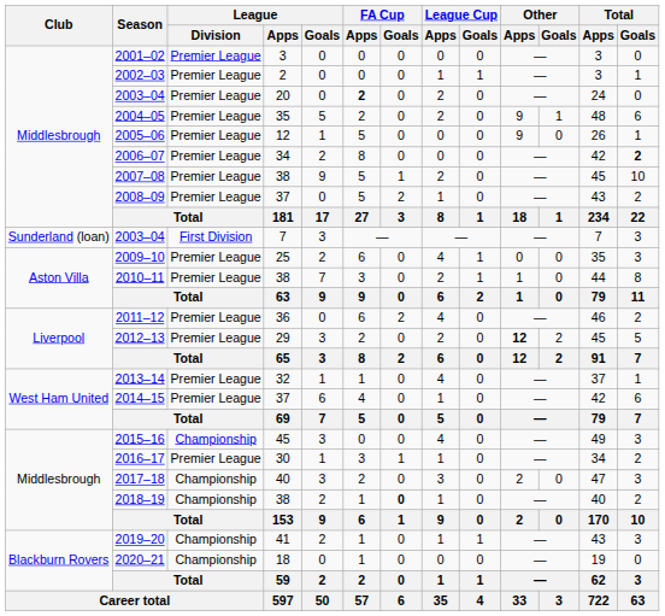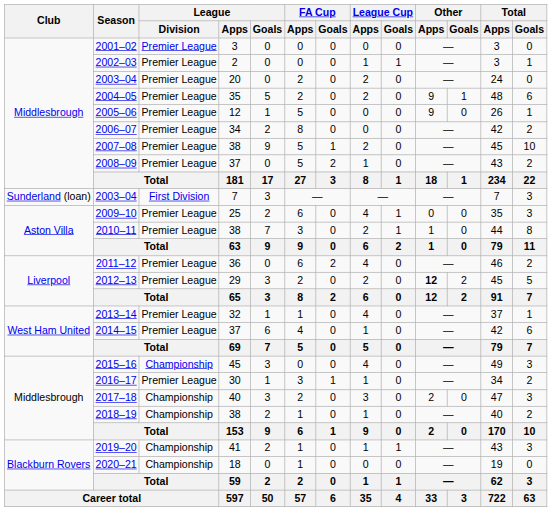 <table class=wikitable style=text-align:center>
 <tr>
 <th rowspan=2>Club</th>
 <th rowspan=2>Season</th>
 <th colspan=3>League</th>
 <th colspan=2><a href='#'>FA Cup</a></th>
 <th colspan=2><a href='#'>League Cup</a></th>
 <th colspan=2>Other</th>
 <th colspan=2>Total</th>
 </tr>
 <tr>
 <th>Division</th>
 <th>Apps</th>
 <th>Goals</th>
 <th>Apps</th>
 <th>Goals</th>
 <th>Apps</th>
 <th>Goals</th>
 <th>Apps</th>
 <th>Goals</th>
 <th>Apps</th>
 <th>Goals</th>
 </tr>
 <tr>
 <td rowspan=9><a href='#'>Middlesbrough</a></td>
 <td><a href='#'>2001–02</a></td>
 <td><a href='#'>Premier League</a></td>
 <td>3</td>
 <td>0</td>
 <td>0</td>
 <td>0</td>
 <td>0</td>
 <td>0</td>
 <td colspan=2>—</td>
 <td>3</td>
 <td>0</td>
 </tr>
 <tr>
 <td><a href='#'>2002–03</a></td>
 <td>Premier League</td>
 <td>2</td>
 <td>0</td>
 <td>0</td>
 <td>0</td>
 <td>1</td>
 <td>1</td>
 <td colspan=2>—</td>
 <td>3</td>
 <td>1</td>
 </tr>
 <tr>
 <td><a href='#'>2003–04</a></td>
 <td>Premier League</td>
 <td>20</td>
 <td>0</td>
-<td><strong>2</strong></td>
+<td>2</td>
 <td>0</td>
 <td>2</td>
 <td>0</td>
 <td colspan=2>—</td>
 <td>24</td>
 <td>0</td>
 </tr>
 <tr>
 <td><a href='#'>2004–05</a></td>
 <td>Premier League</td>
 <td>35</td>
 <td>5</td>
 <td>2</td>
 <td>0</td>
 <td>2</td>
 <td>0</td>
 <td>9</td>
 <td>1</td>
 <td>48</td>
 <td>6</td>
 </tr>
 <tr>
 <td><a href='#'>2005–06</a></td>
 <td>Premier League</td>
 <td>12</td>
 <td>1</td>
 <td>5</td>
 <td>0</td>
 <td>0</td>
 <td>0</td>
 <td>9</td>
 <td>0</td>
 <td>26</td>
 <td>1</td>
 </tr>
 <tr>
 <td><a href='#'>2006–07</a></td>
 <td>Premier League</td>
 <td>34</td>
 <td>2</td>
 <td>8</td>
 <td>0</td>
 <td>0</td>
 <td>0</td>
 <td colspan=2>—</td>
 <td>42</td>
-<td><strong>2</strong></td>
+<td>2</td>
 </tr>
 <tr>
 <td><a href='#'>2007–08</a></td>
 <td>Premier League</td>
 <td>38</td>
 <td>9</td>
 <td>5</td>
 <td>1</td>
 <td>2</td>
 <td>0</td>
 <td colspan=2>—</td>
 <td>45</td>
 <td>10</td>
 </tr>
 <tr>
 <td><a href='#'>2008–09</a></td>
 <td>Premier League</td>
 <td>37</td>
 <td>0</td>
 <td>5</td>
 <td>2</td>
 <td>1</td>
 <td>0</td>
 <td colspan=2>—</td>
 <td>43</td>
 <td>2</td>
 </tr>
 <tr>
 <th colspan=2>Total</th>
 <th>181</th>
 <th>17</th>
 <th>27</th>
 <th>3</th>
 <th>8</th>
 <th>1</th>
 <th>18</th>
 <th>1</th>
 <th>234</th>
 <th>22</th>
 </tr>
 <tr>
 <td><a href='#'>Sunderland</a> (loan)</td>
 <td><a href='#'>2003–04</a></td>
 <td><a href='#'>First Division</a></td>
 <td>7</td>
 <td>3</td>
 <td colspan=2>—</td>
 <td colspan=2>—</td>
 <td colspan=2>—</td>
 <td>7</td>
 <td>3</td>
 </tr>
 <tr>
 <td rowspan=3><a href='#'>Aston Villa</a></td>
 <td><a href='#'>2009–10</a></td>
 <td>Premier League</td>
 <td>25</td>
 <td>2</td>
 <td>6</td>
 <td>0</td>
 <td>4</td>
 <td>1</td>
 <td>0</td>
 <td>0</td>
 <td>35</td>
 <td>3</td>
 </tr>
 <tr>
 <td><a href='#'>2010–11</a></td>
 <td>Premier League</td>
 <td>38</td>
 <td>7</td>
 <td>3</td>
 <td>0</td>
 <td>2</td>
 <td>1</td>
 <td>1</td>
 <td>0</td>
 <td>44</td>
 <td>8</td>
 </tr>
 <tr>
 <th colspan=2>Total</th>
 <th>63</th>
 <th>9</th>
 <th>9</th>
 <th>0</th>
 <th>6</th>
 <th>2</th>
 <th>1</th>
 <th>0</th>
 <th>79</th>
 <th>11</th>
 </tr>
 <tr>
 <td rowspan=3><a href='#'>Liverpool</a></td>
 <td><a href='#'>2011–12</a></td>
 <td>Premier League</td>
 <td>36</td>
 <td>0</td>
 <td>6</td>
 <td>2</td>
 <td>4</td>
 <td>0</td>
 <td colspan=2>—</td>
 <td>46</td>
 <td>2</td>
 </tr>
 <tr>
 <td><a href='#'>2012–13</a></td>
 <td>Premier League</td>
 <td>29</td>
 <td>3</td>
 <td>2</td>
 <td>0</td>
 <td>2</td>
 <td>0</td>
 <td><strong>12</strong></td>
 <td>2</td>
 <td>45</td>
 <td>5</td>
 </tr>
 <tr>
 <th colspan=2>Total</th>
 <th>65</th>
 <th>3</th>
 <th>8</th>
 <th>2</th>
 <th>6</th>
 <th>0</th>
 <th>12</th>
 <th>2</th>
 <th>91</th>
 <th>7</th>
 </tr>
 <tr>
 <td rowspan=3><a href='#'>West Ham United</a></td>
 <td><a href='#'>2013–14</a></td>
 <td>Premier League</td>
 <td>32</td>
 <td>1</td>
 <td>1</td>
 <td>0</td>
 <td>4</td>
 <td>0</td>
 <td colspan=2>—</td>
 <td>37</td>
 <td>1</td>
 </tr>
 <tr>
 <td><a href='#'>2014–15</a></td>
 <td>Premier League</td>
 <td>37</td>
 <td>6</td>
 <td>4</td>
 <td>0</td>
 <td>1</td>
 <td>0</td>
 <td colspan=2>—</td>
 <td>42</td>
 <td>6</td>
 </tr>
 <tr>
 <th colspan=2>Total</th>
 <th>69</th>
 <th>7</th>
 <th>5</th>
 <th>0</th>
 <th>5</th>
 <th>0</th>
 <th colspan=2>—</th>
 <th>79</th>
 <th>7</th>
 </tr>
 <tr>
 <td rowspan=5>Middlesbrough</td>
 <td><a href='#'>2015–16</a></td>
 <td><a href='#'>Championship</a></td>
 <td>45</td>
 <td>3</td>
 <td>0</td>
 <td>0</td>
 <td>4</td>
 <td>0</td>
 <td colspan=2>—</td>
 <td>49</td>
 <td>3</td>
 </tr>
 <tr>
 <td><a href='#'>2016–17</a></td>
 <td>Premier League</td>
 <td>30</td>
 <td>1</td>
 <td>3</td>
 <td>1</td>
 <td>1</td>
 <td>0</td>
 <td colspan=2>—</td>
 <td>34</td>
 <td>2</td>
 </tr>
 <tr>
 <td><a href='#'>2017–18</a></td>
 <td>Championship</td>
 <td>40</td>
 <td>3</td>
 <td>2</td>
 <td>0</td>
 <td>3</td>
 <td>0</td>
 <td>2</td>
 <td>0</td>
 <td>47</td>
 <td>3</td>
 </tr>
 <tr>
 <td><a href='#'>2018–19</a></td>
 <td>Championship</td>
 <td>38</td>
 <td>2</td>
 <td>1</td>
-<td><strong>0</strong></td>
+<td>0</td>
 <td>1</td>
 <td>0</td>
 <td colspan=2>—</td>
 <td>40</td>
 <td>2</td>
 </tr>
 <tr>
 <th colspan=2>Total</th>
 <th>153</th>
 <th>9</th>
 <th>6</th>
 <th>1</th>
 <th>9</th>
 <th>0</th>
 <th>2</th>
 <th>0</th>
 <th>170</th>
 <th>10</th>
 </tr>
 <tr>
 <td rowspan=3><a href='#'>Blackburn Rovers</a></td>
 <td><a href='#'>2019–20</a></td>
 <td>Championship</td>
 <td>41</td>
 <td>2</td>
 <td>1</td>
 <td>0</td>
 <td>1</td>
 <td>1</td>
 <td colspan=2>—</td>
 <td>43</td>
 <td>3</td>
 </tr>
 <tr>
 <td><a href='#'>2020–21</a></td>
 <td>Championship</td>
 <td>18</td>
 <td>0</td>
 <td>1</td>
 <td>0</td>
 <td>0</td>
 <td>0</td>
 <td colspan=2>—</td>
 <td>19</td>
 <td>0</td>
 </tr>
 <tr>
 <th colspan=2>Total</th>
 <th>59</th>
 <th>2</th>
 <th>2</th>
 <th>0</th>
 <th>1</th>
 <th>1</th>
 <th colspan=2>—</th>
 <th>62</th>
 <th>3</th>
 </tr>
 <tr>
 <th colspan=3>Career total</th>
 <th>597</th>
 <th>50</th>
 <th>57</th>
 <th>6</th>
 <th>35</th>
 <th>4</th>
 <th>33</th>
 <th>3</th>
 <th>722</th>
 <th>63</th>
 </tr>
 </table>
